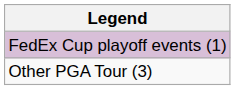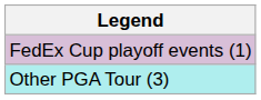 <table class="wikitable" style="font-size:95%;">
 <tr>
 <th>Legend</th>
 </tr>
 <tr style="background:#D8BFD8;">
 <td>FedEx Cup playoff events (1)</td>
 </tr>
 <tr>
-<td>Other PGA Tour (3)</td>
+<td style="background: paleturquoise;">Other PGA Tour (3)</td>
 </tr>
 </table>
